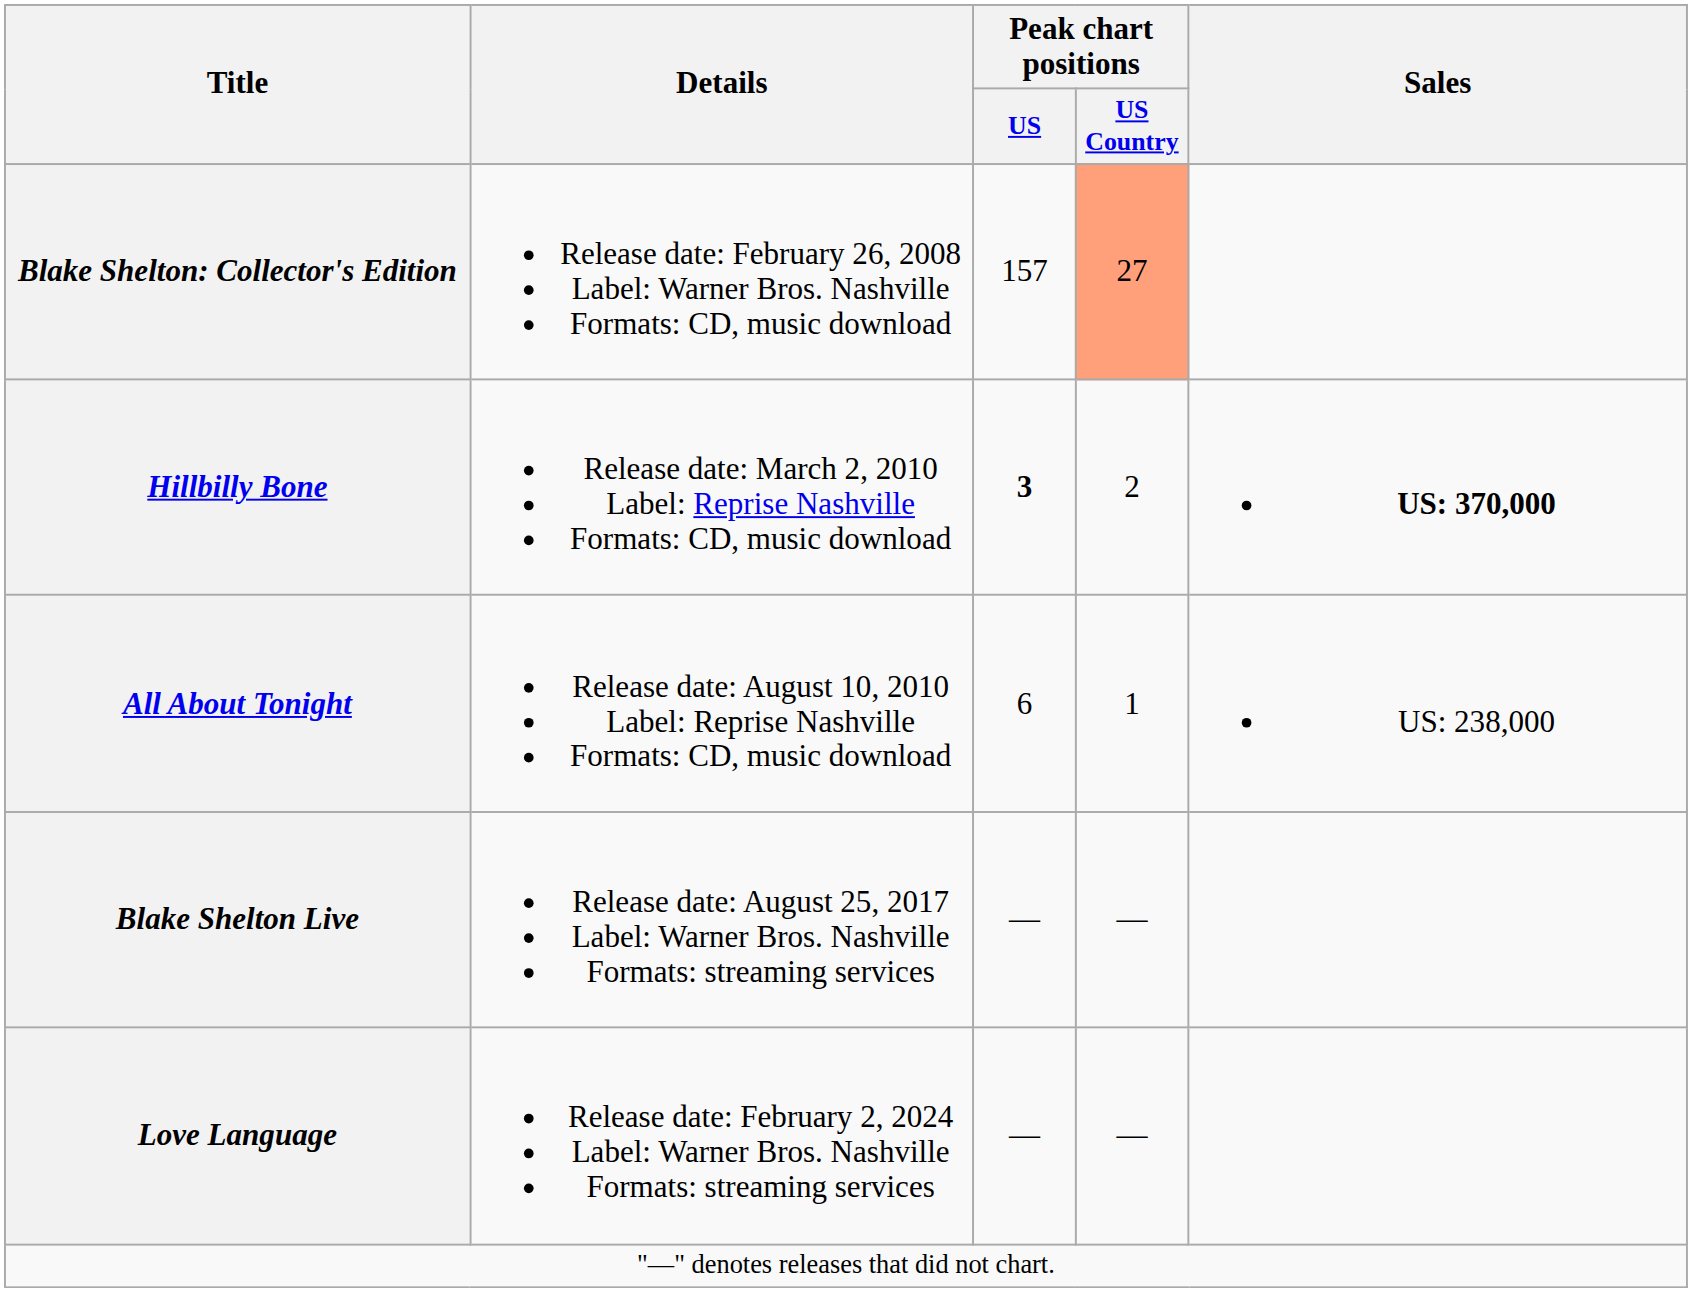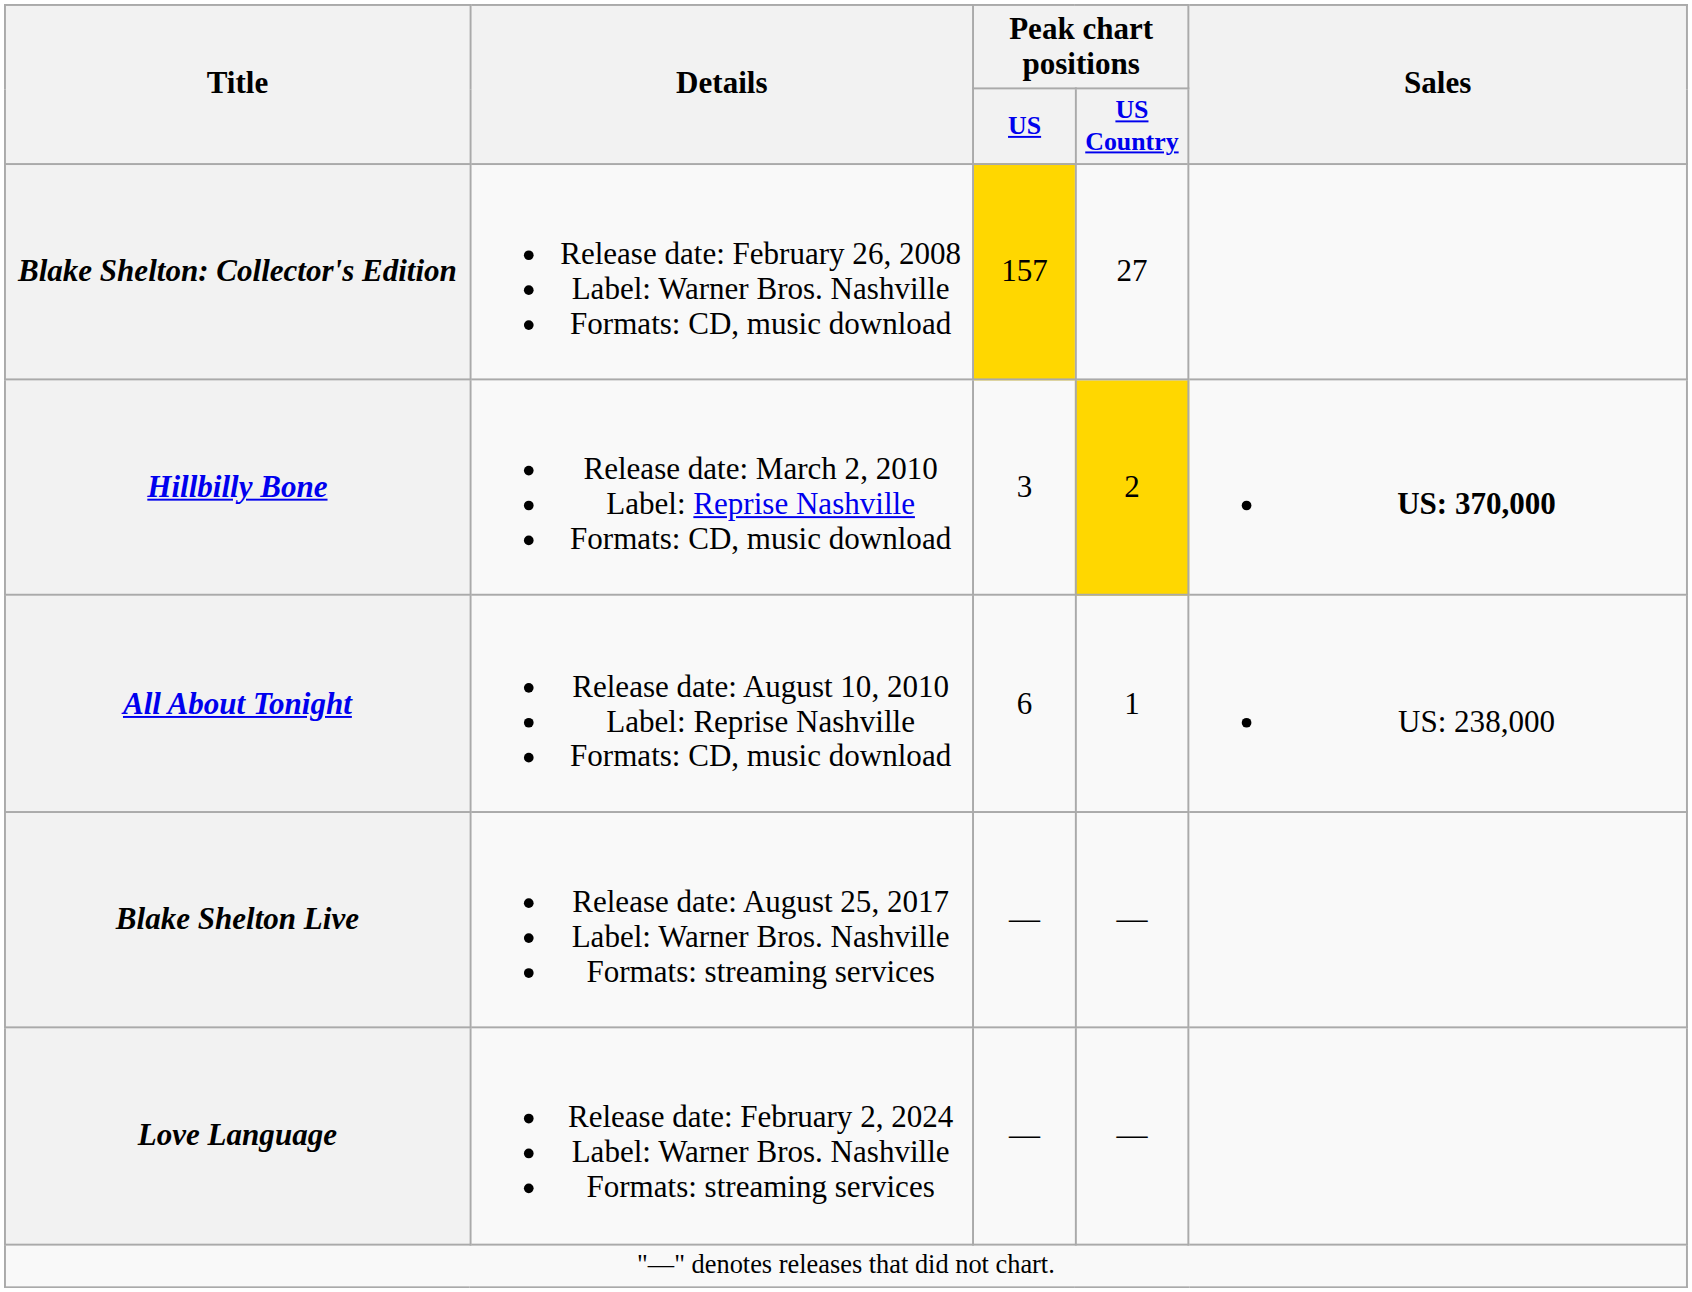 <table class="wikitable plainrowheaders" style="text-align:center;">
 <tr>
 <th rowspan="2" style="width:18em;">Title</th>
 <th rowspan="2" style="width:19em;">Details</th>
 <th colspan="2">Peak chart<br>positions</th>
 <th rowspan="2" style="width:19em;">Sales</th>
 </tr>
 <tr style="font-size:smaller;">
 <th style="width:4em;"><a href='#'>US</a><br></th>
 <th style="width:4em;"><a href='#'>US<br>Country</a><br></th>
 </tr>
 <tr>
 <th scope="row"><em>Blake Shelton: Collector's Edition</em></th>
 <td><br><ul><li>Release date: February 26, 2008</li><li>Label: Warner Bros. Nashville</li><li>Formats: CD, music download</li></ul></td>
-<td>157</td>
-<td style="background: lightsalmon;">27</td>
+<td style="background: gold;">157</td>
+<td>27</td>
 <td></td>
 </tr>
 <tr>
 <th scope="row"><em><a href='#'>Hillbilly Bone</a></em></th>
 <td><br><ul><li>Release date: March 2, 2010</li><li>Label: <a href='#'>Reprise Nashville</a></li><li>Formats: CD, music download</li></ul></td>
-<td><strong>3</strong></td>
-<td>2</td>
+<td>3</td>
+<td style="background: gold;">2</td>
 <td><strong><br><ul><li>US: 370,000</li></ul></strong></td>
 </tr>
 <tr>
 <th scope="row"><em><a href='#'>All About Tonight</a></em></th>
 <td><br><ul><li>Release date: August 10, 2010</li><li>Label: Reprise Nashville</li><li>Formats: CD, music download</li></ul></td>
 <td>6</td>
 <td>1</td>
 <td><br><ul><li>US: 238,000</li></ul></td>
 </tr>
 <tr>
 <th scope="row"><em>Blake Shelton Live</em></th>
 <td><br><ul><li>Release date: August 25, 2017</li><li>Label: Warner Bros. Nashville</li><li>Formats: streaming services</li></ul></td>
 <td>—</td>
 <td>—</td>
 <td></td>
 </tr>
 <tr>
 <th scope="row"><em>Love Language</em></th>
 <td><br><ul><li>Release date: February 2, 2024</li><li>Label: Warner Bros. Nashville</li><li>Formats: streaming services</li></ul></td>
 <td>—</td>
 <td>—</td>
 <td></td>
 </tr>
 <tr>
 <td colspan="7" style="font-size:85%">"—" denotes releases that did not chart.</td>
 </tr>
 </table>
